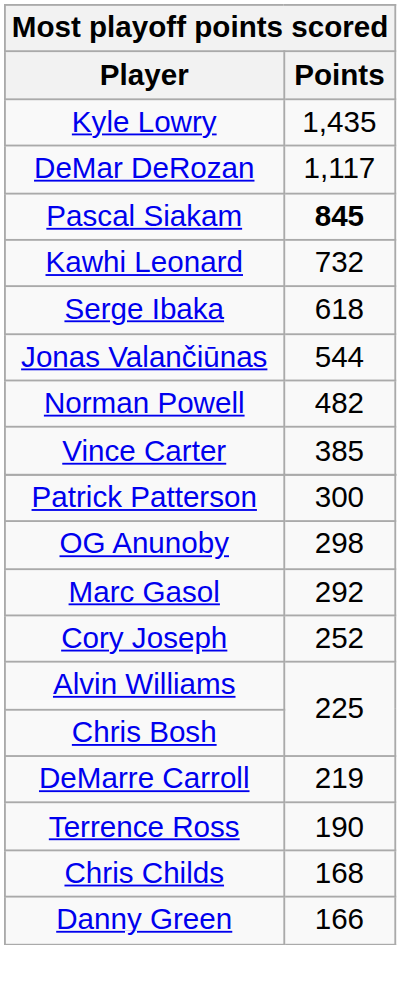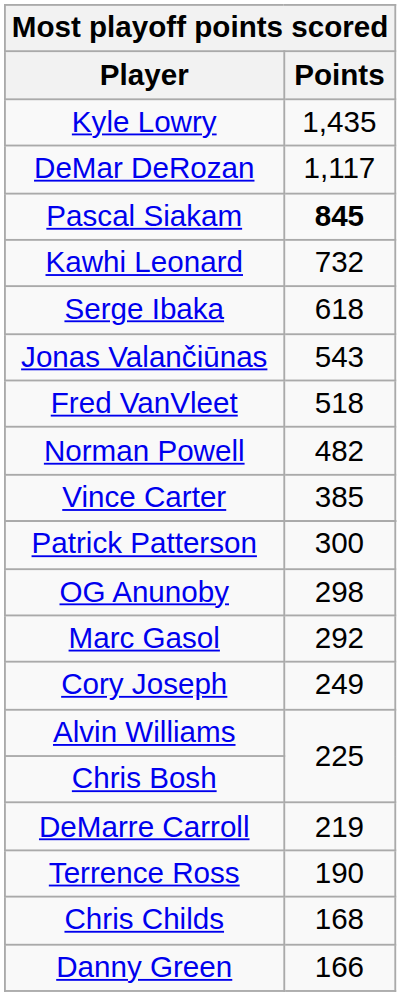 <table class="wikitable sortable" style="text-align:center">
 <tr>
 <th colspan="2">Most playoff points scored</th>
 </tr>
 <tr>
 <th>Player</th>
 <th>Points</th>
 </tr>
 <tr>
 <td><a href='#'>Kyle Lowry</a></td>
 <td>1,435</td>
 </tr>
 <tr>
 <td><a href='#'>DeMar DeRozan</a></td>
 <td>1,117</td>
 </tr>
 <tr>
 <td><a href='#'>Pascal Siakam</a></td>
 <td><strong>845</strong></td>
 </tr>
 <tr>
 <td><a href='#'>Kawhi Leonard</a></td>
 <td>732</td>
 </tr>
 <tr>
 <td><a href='#'>Serge Ibaka</a></td>
 <td>618</td>
 </tr>
 <tr>
 <td><a href='#'>Jonas Valančiūnas</a></td>
-<td>544</td>
+<td>543</td>
+</tr>
+<tr>
+<td><a href='#'>Fred VanVleet</a></td>
+<td>518</td>
 </tr>
 <tr>
 <td><a href='#'>Norman Powell</a></td>
 <td>482</td>
 </tr>
 <tr>
 <td><a href='#'>Vince Carter</a></td>
 <td>385</td>
 </tr>
 <tr>
 </tr>
 <tr | >
 </tr>
 <tr>
 <td><a href='#'>Patrick Patterson</a></td>
 <td>300</td>
 </tr>
 <tr>
 <td><a href='#'>OG Anunoby</a></td>
 <td>298</td>
 </tr>
 <tr>
 <td><a href='#'>Marc Gasol</a></td>
 <td>292</td>
 </tr>
 <tr>
 <td><a href='#'>Cory Joseph</a></td>
-<td>252</td>
+<td>249</td>
 </tr>
 <tr>
 <td><a href='#'>Alvin Williams</a></td>
 <td rowspan="2">225</td>
 </tr>
 <tr>
 <td><a href='#'>Chris Bosh</a></td>
 </tr>
 <tr>
 <td><a href='#'>DeMarre Carroll</a></td>
 <td>219</td>
 </tr>
 <tr>
 <td><a href='#'>Terrence Ross</a></td>
 <td>190</td>
 </tr>
 <tr>
 <td><a href='#'>Chris Childs</a></td>
 <td>168</td>
 </tr>
 <tr>
 <td><a href='#'>Danny Green</a></td>
 <td>166</td>
 </tr>
 </table>
